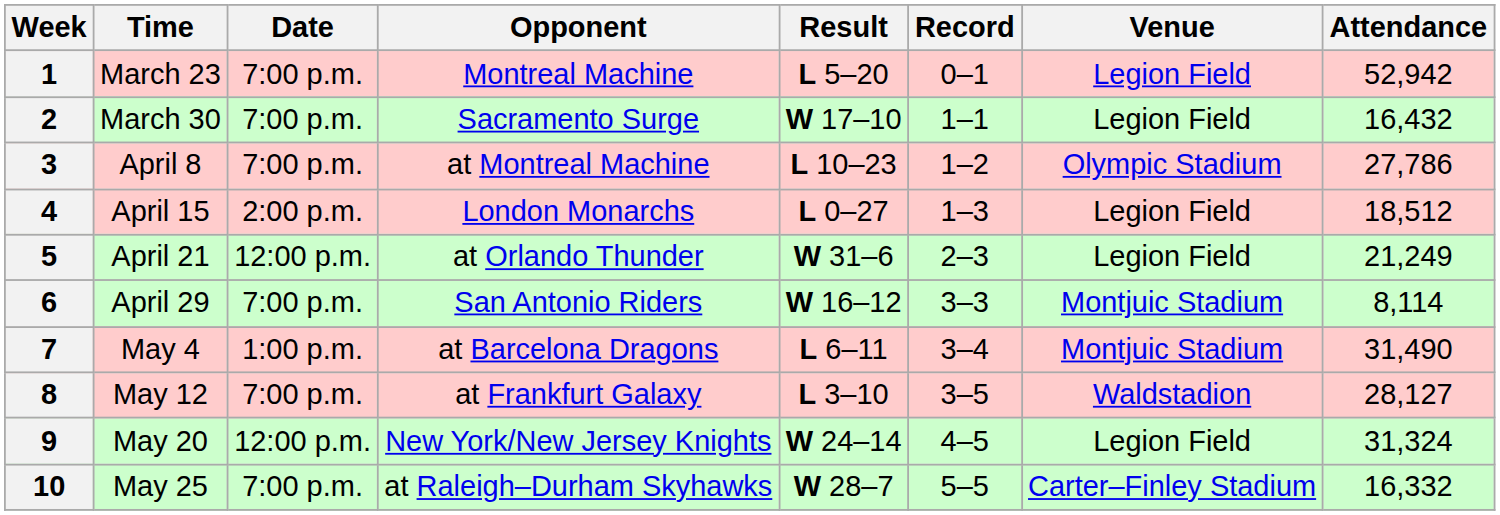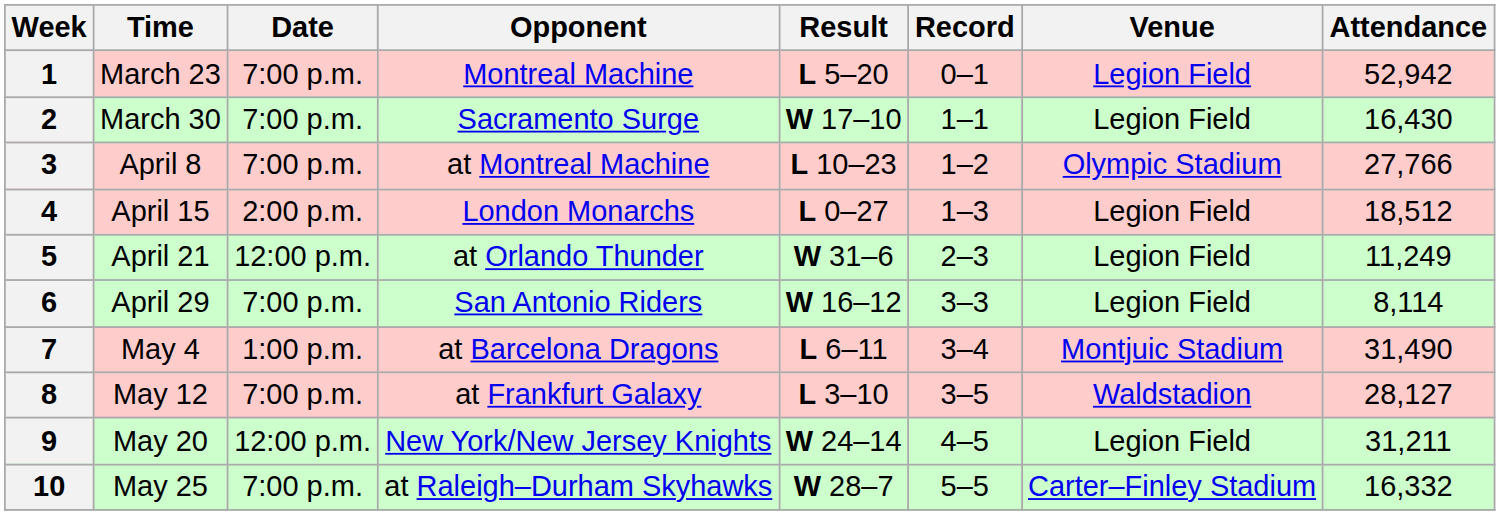 <table class="wikitable" style="text-align:center;">
 <tr>
 <th>Week</th>
 <th>Time</th>
 <th>Date</th>
 <th>Opponent</th>
 <th>Result</th>
 <th>Record</th>
 <th>Venue</th>
 <th>Attendance</th>
 </tr>
 <tr style="background:#fcc">
 <th>1</th>
 <td>March 23</td>
 <td>7:00 p.m.</td>
 <td><a href='#'>Montreal Machine</a></td>
 <td><strong>L</strong> 5–20</td>
 <td>0–1</td>
 <td><a href='#'>Legion Field</a></td>
 <td>52,942</td>
 </tr>
 <tr style="background:#cfc">
 <th>2</th>
 <td>March 30</td>
 <td>7:00 p.m.</td>
 <td><a href='#'>Sacramento Surge</a></td>
 <td><strong>W</strong> 17–10</td>
 <td>1–1</td>
 <td>Legion Field</td>
-<td>16,432</td>
+<td>16,430</td>
 </tr>
 <tr style="background:#fcc">
 <th>3</th>
 <td>April 8</td>
 <td>7:00 p.m.</td>
 <td>at <a href='#'>Montreal Machine</a></td>
 <td><strong>L</strong> 10–23</td>
 <td>1–2</td>
 <td><a href='#'>Olympic Stadium</a></td>
-<td>27,786</td>
+<td>27,766</td>
 </tr>
 <tr style="background:#fcc">
 <th>4</th>
 <td>April 15</td>
 <td>2:00 p.m.</td>
 <td><a href='#'>London Monarchs</a></td>
 <td><strong>L</strong> 0–27</td>
 <td>1–3</td>
 <td>Legion Field</td>
 <td>18,512</td>
 </tr>
 <tr style="background:#cfc">
 <th>5</th>
 <td>April 21</td>
 <td>12:00 p.m.</td>
 <td>at <a href='#'>Orlando Thunder</a></td>
 <td><strong>W</strong> 31–6</td>
 <td>2–3</td>
 <td>Legion Field</td>
-<td>21,249</td>
+<td>11,249</td>
 </tr>
 <tr style="background:#cfc">
 <th>6</th>
 <td>April 29</td>
 <td>7:00 p.m.</td>
 <td><a href='#'>San Antonio Riders</a></td>
 <td><strong>W</strong> 16–12</td>
 <td>3–3</td>
-<td><a href='#'>Montjuic Stadium</a></td>
+<td>Legion Field</td>
 <td>8,114</td>
 </tr>
 <tr style="background:#fcc">
 <th>7</th>
 <td>May 4</td>
 <td>1:00 p.m.</td>
 <td>at <a href='#'>Barcelona Dragons</a></td>
 <td><strong>L</strong> 6–11</td>
 <td>3–4</td>
 <td><a href='#'>Montjuic Stadium</a></td>
 <td>31,490</td>
 </tr>
 <tr style="background:#fcc">
 <th>8</th>
 <td>May 12</td>
 <td>7:00 p.m.</td>
 <td>at <a href='#'>Frankfurt Galaxy</a></td>
 <td><strong>L</strong> 3–10</td>
 <td>3–5</td>
 <td><a href='#'>Waldstadion</a></td>
 <td>28,127</td>
 </tr>
 <tr style="background:#cfc">
 <th>9</th>
 <td>May 20</td>
 <td>12:00 p.m.</td>
 <td><a href='#'>New York/New Jersey Knights</a></td>
 <td><strong>W</strong> 24–14</td>
 <td>4–5</td>
 <td>Legion Field</td>
-<td>31,324</td>
+<td>31,211</td>
 </tr>
 <tr style="background:#cfc">
 <th>10</th>
 <td>May 25</td>
 <td>7:00 p.m.</td>
 <td>at <a href='#'>Raleigh–Durham Skyhawks</a></td>
 <td><strong>W</strong> 28–7</td>
 <td>5–5</td>
 <td><a href='#'>Carter–Finley Stadium</a></td>
 <td>16,332</td>
 </tr>
 </table>
